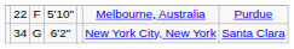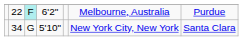 <table class="wikitable sortable" style="text-align: center">
 <tr align=center>
 </tr>
 <tr>
 <td></td>
 <td>22</td>
-<td>F</td>
-<td>5'10"</td>
+<td style="background: paleturquoise;">F</td>
+<td>6'2"</td>
 <td></td>
 <td><a href='#'>Melbourne, Australia</a></td>
 <td><a href='#'>Purdue</a></td>
 </tr>
 <tr>
 <td></td>
 <td>34</td>
 <td>G</td>
-<td>6'2"</td>
+<td>5'10"</td>
 <td></td>
 <td><a href='#'>New York City, New York</a></td>
 <td><a href='#'>Santa Clara</a></td>
 </tr>
 </table>
